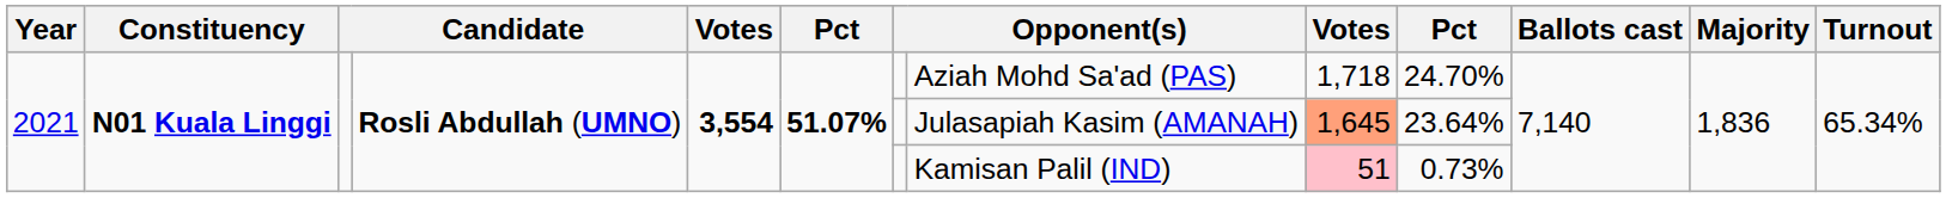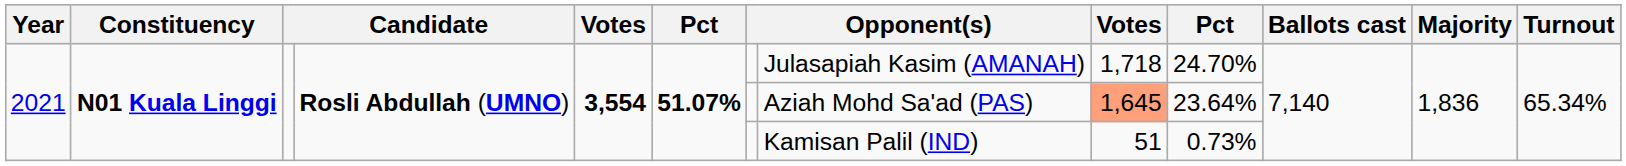 <table class="wikitable" style="margin:0.5em ; font-size:95%">
 <tr>
 <th>Year</th>
 <th>Constituency</th>
 <th colspan=2>Candidate</th>
 <th>Votes</th>
 <th>Pct</th>
 <th colspan=2>Opponent(s)</th>
 <th>Votes</th>
 <th>Pct</th>
 <th>Ballots cast</th>
 <th>Majority</th>
 <th>Turnout</th>
 </tr>
 <tr>
 <td rowspan=3><a href='#'>2021</a></td>
 <td rowspan=3><strong>N01 <a href='#'>Kuala Linggi</a></strong></td>
 <td rowspan=3 ></td>
 <td rowspan=3><strong>Rosli Abdullah</strong> (<a href='#'><strong>UMNO</strong></a>)</td>
 <td rowspan=3 align=right><strong>3,554</strong></td>
 <td rowspan=3><strong>51.07%</strong></td>
 <td></td>
-<td>Aziah Mohd Sa'ad (<a href='#'>PAS</a>)</td>
+<td>Julasapiah Kasim (<a href='#'>AMANAH</a>)</td>
 <td align=right>1,718</td>
 <td>24.70%</td>
 <td rowspan=3>7,140</td>
 <td rowspan=3>1,836</td>
 <td rowspan=3>65.34%</td>
 </tr>
 <tr>
 <td bgcolor=></td>
-<td>Julasapiah Kasim (<a href='#'>AMANAH</a>)</td>
+<td>Aziah Mohd Sa'ad (<a href='#'>PAS</a>)</td>
 <td align=right style="background: lightsalmon;">1,645</td>
 <td>23.64%</td>
 </tr>
 <tr>
 <td></td>
 <td>Kamisan Palil (<a href='#'>IND</a>)</td>
-<td align=right style="background: pink;">51</td>
+<td align=right>51</td>
 <td align=right>0.73%</td>
 </tr>
 </table>
